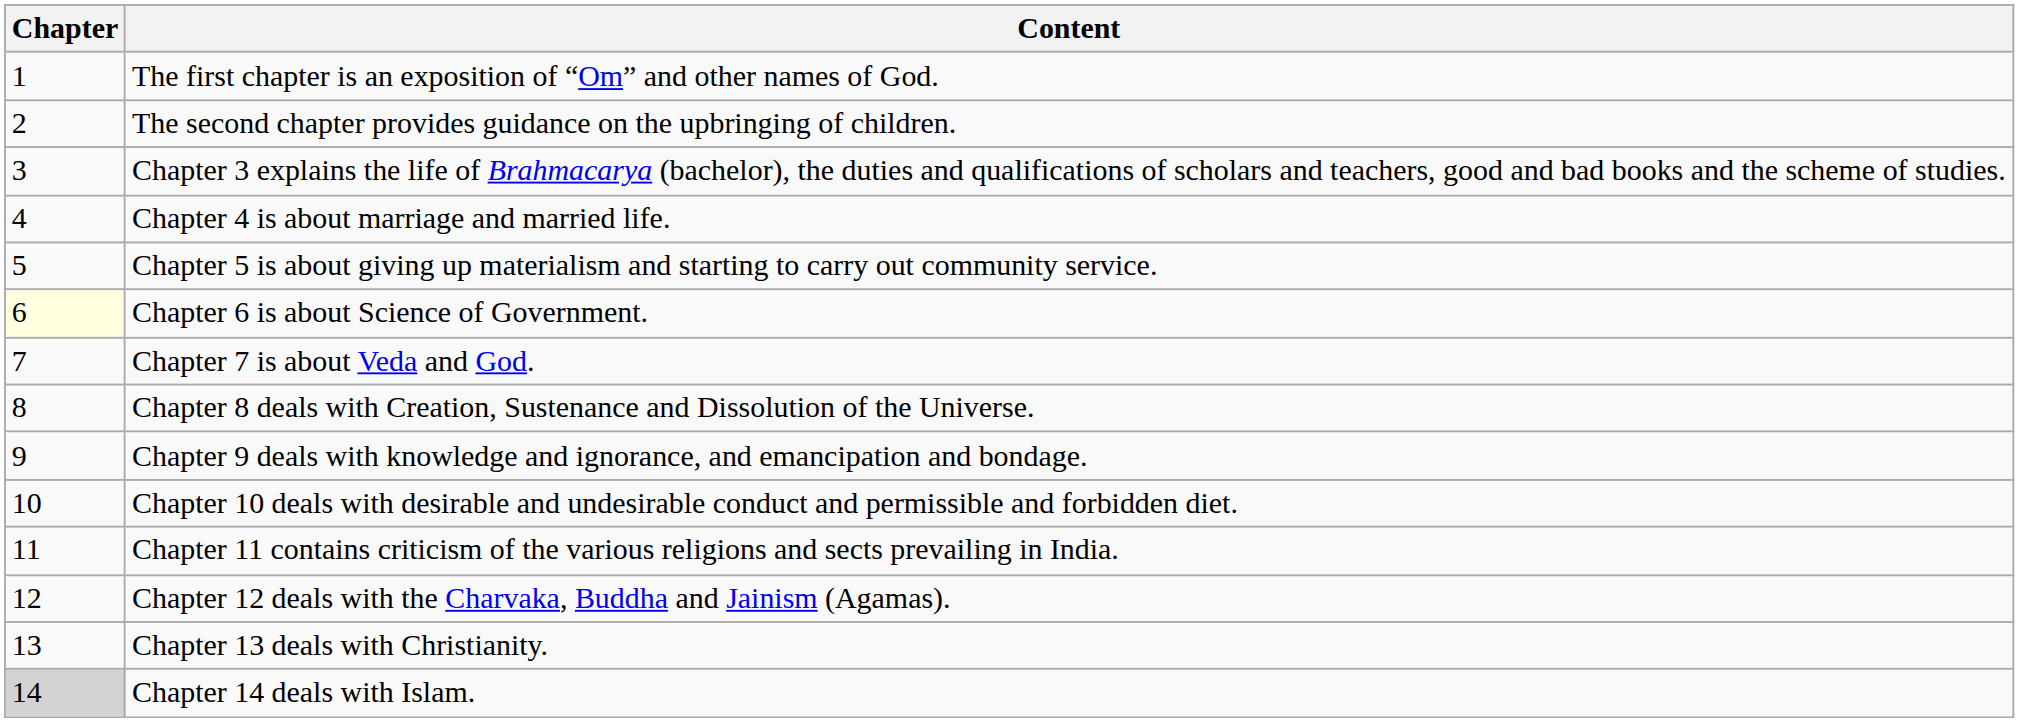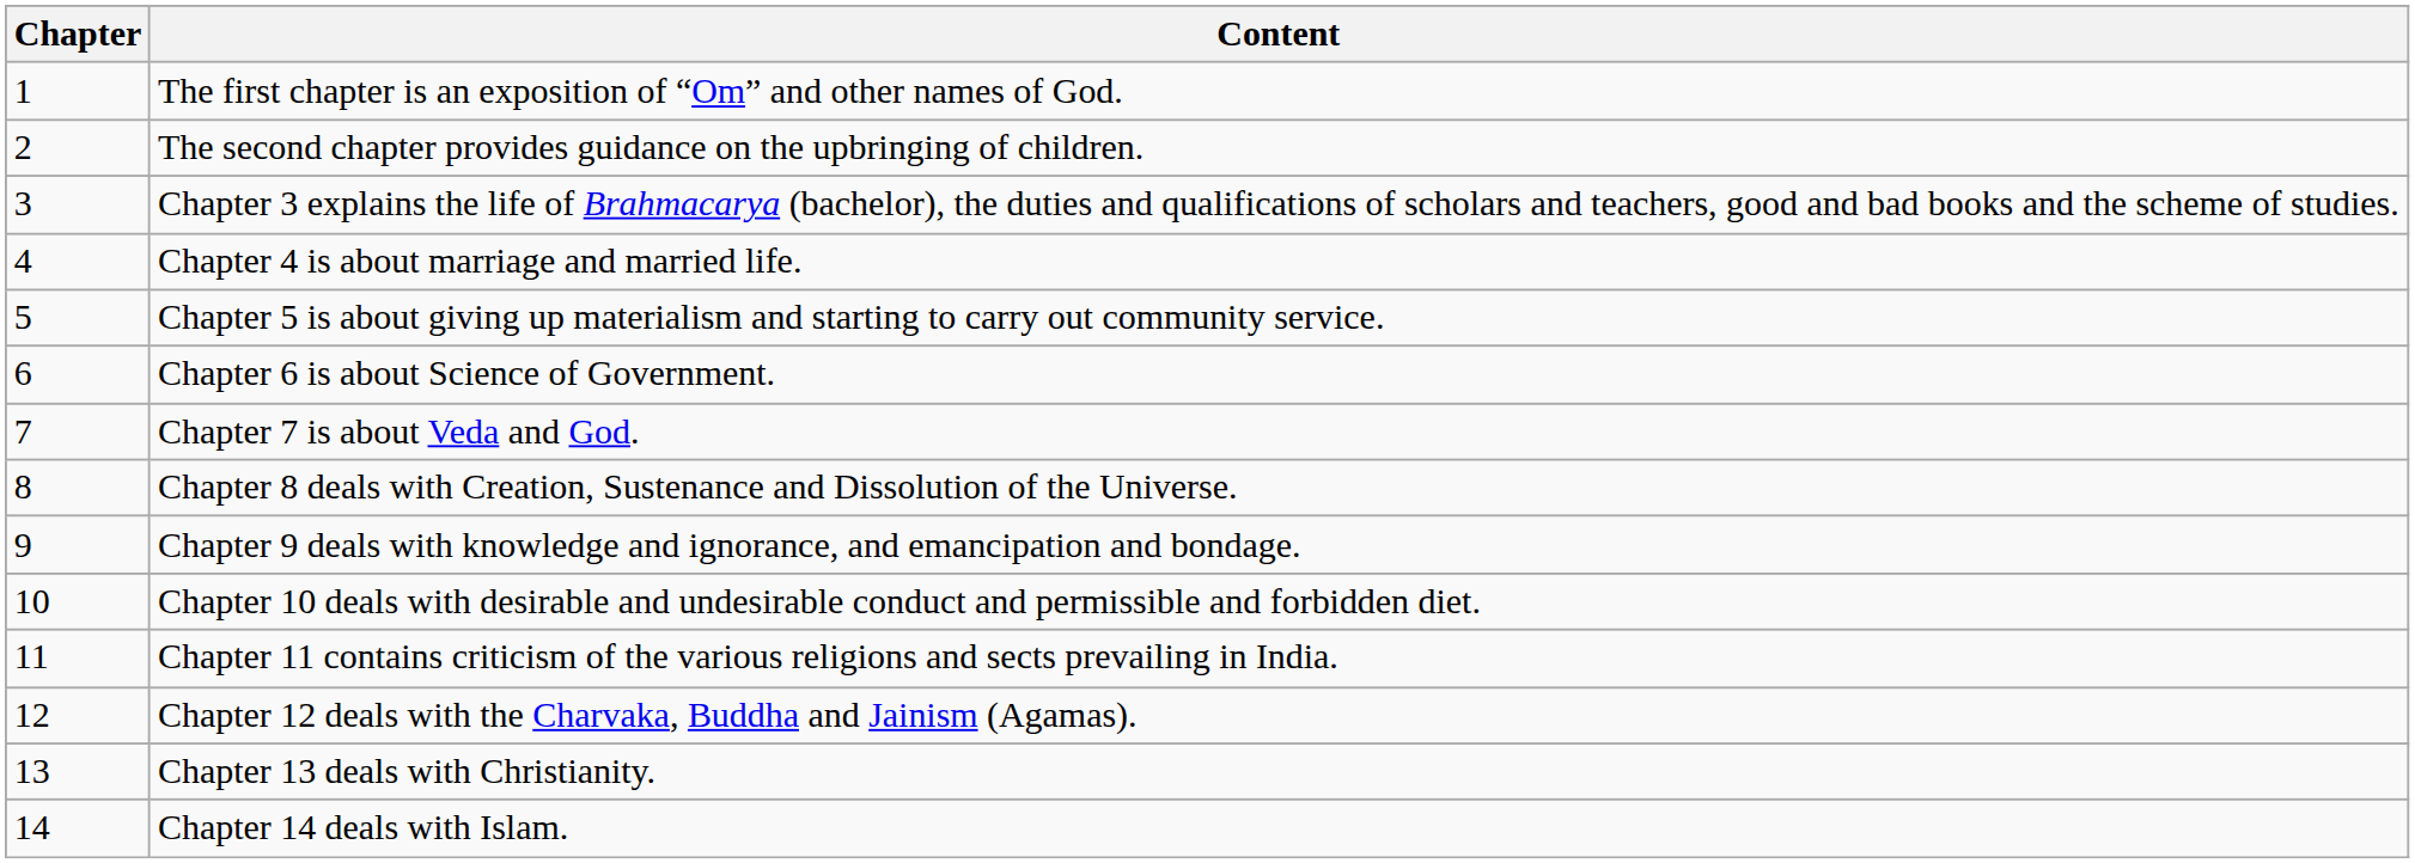 <table class="wikitable">
 <tr>
 <th>Chapter</th>
 <th>Content</th>
 </tr>
 <tr>
 <td>1</td>
 <td>The first chapter is an exposition of “<a href='#'>Om</a>” and other names of God.</td>
 </tr>
 <tr>
 <td>2</td>
 <td>The second chapter provides guidance on the upbringing of children.</td>
 </tr>
 <tr>
 <td>3</td>
 <td>Chapter 3 explains the life of <em><a href='#'>Brahmacarya</a></em> (bachelor), the duties and qualifications of scholars and teachers, good and bad books and the scheme of studies.</td>
 </tr>
 <tr>
 <td>4</td>
 <td>Chapter 4 is about marriage and married life.</td>
 </tr>
 <tr>
 <td>5</td>
 <td>Chapter 5 is about giving up materialism and starting to carry out community service.</td>
 </tr>
 <tr>
-<td style="background: lightyellow;">6</td>
+<td>6</td>
 <td>Chapter 6 is about Science of Government.</td>
 </tr>
 <tr>
 <td>7</td>
 <td>Chapter 7 is about <a href='#'>Veda</a> and <a href='#'>God</a>.</td>
 </tr>
 <tr>
 <td>8</td>
 <td>Chapter 8 deals with Creation, Sustenance and Dissolution of the Universe.</td>
 </tr>
 <tr>
 <td>9</td>
 <td>Chapter 9 deals with knowledge and ignorance, and emancipation and bondage.</td>
 </tr>
 <tr>
 <td>10</td>
 <td>Chapter 10 deals with desirable and undesirable conduct and permissible and forbidden diet.</td>
 </tr>
 <tr>
 <td>11</td>
 <td>Chapter 11 contains criticism of the various religions and sects prevailing in India.</td>
 </tr>
 <tr>
 <td>12</td>
 <td>Chapter 12 deals with the <a href='#'>Charvaka</a>, <a href='#'>Buddha</a> and <a href='#'>Jainism</a> (Agamas).</td>
 </tr>
 <tr>
 <td>13</td>
 <td>Chapter 13 deals with Christianity.</td>
 </tr>
 <tr>
-<td style="background: lightgrey;">14</td>
+<td>14</td>
 <td>Chapter 14 deals with Islam.</td>
 </tr>
 </table>
